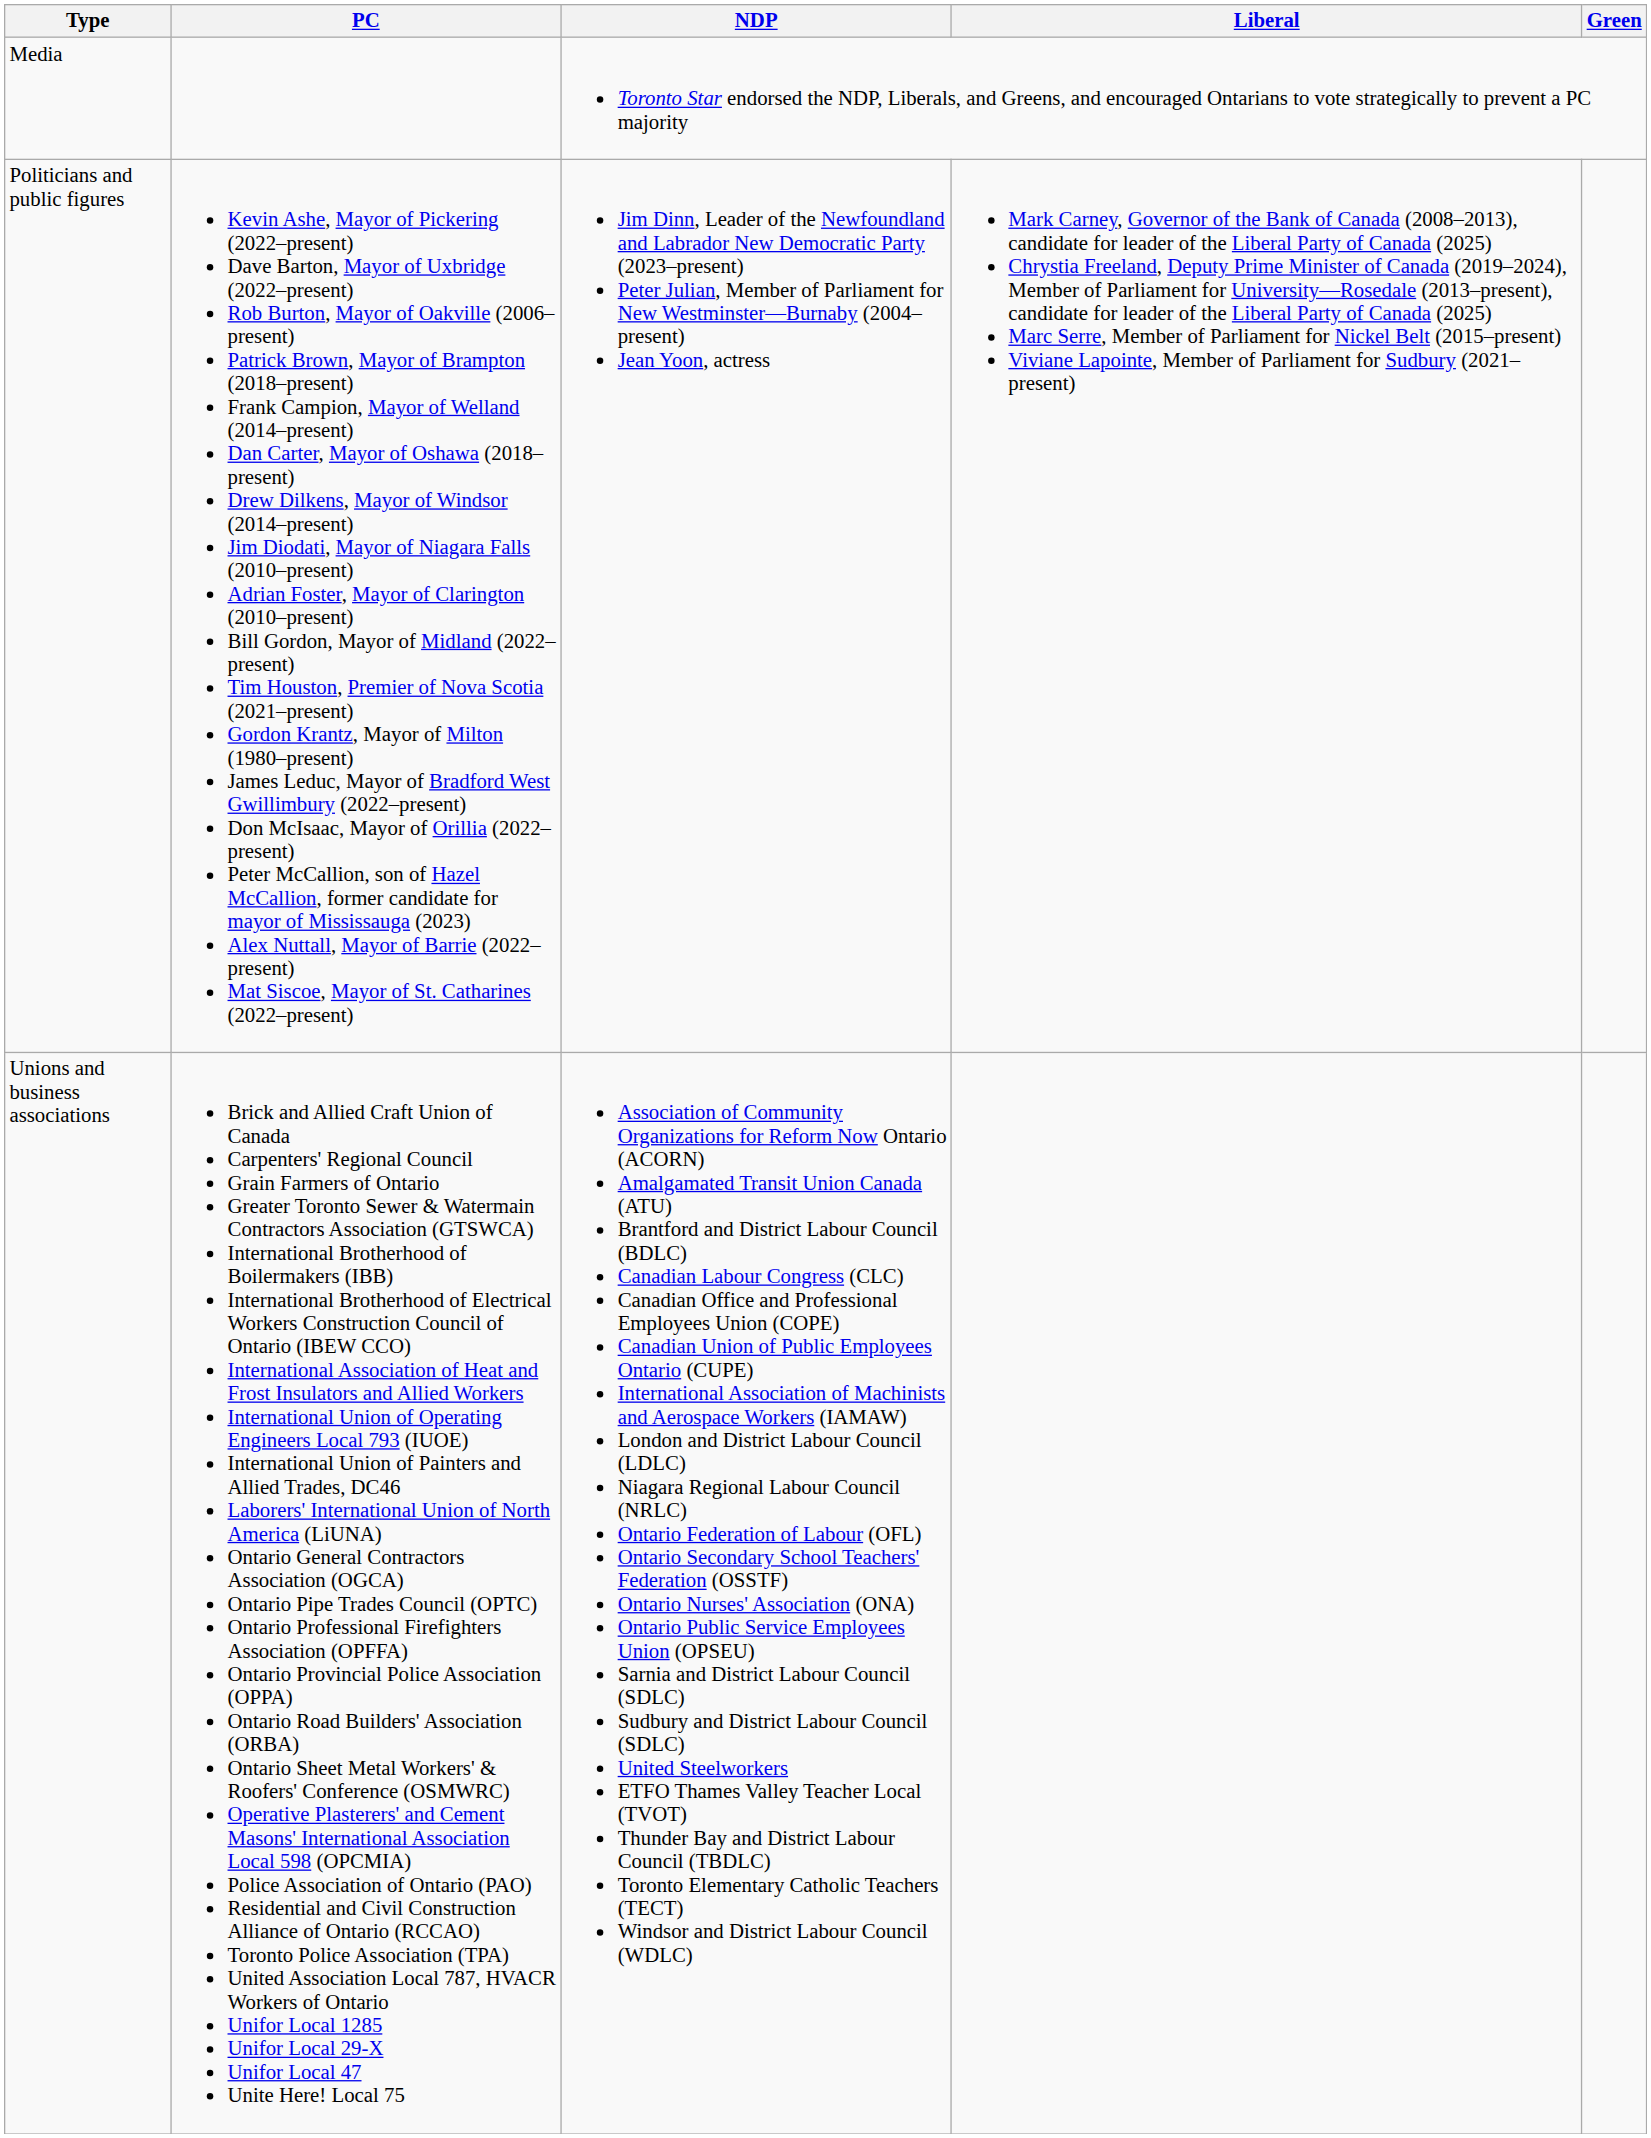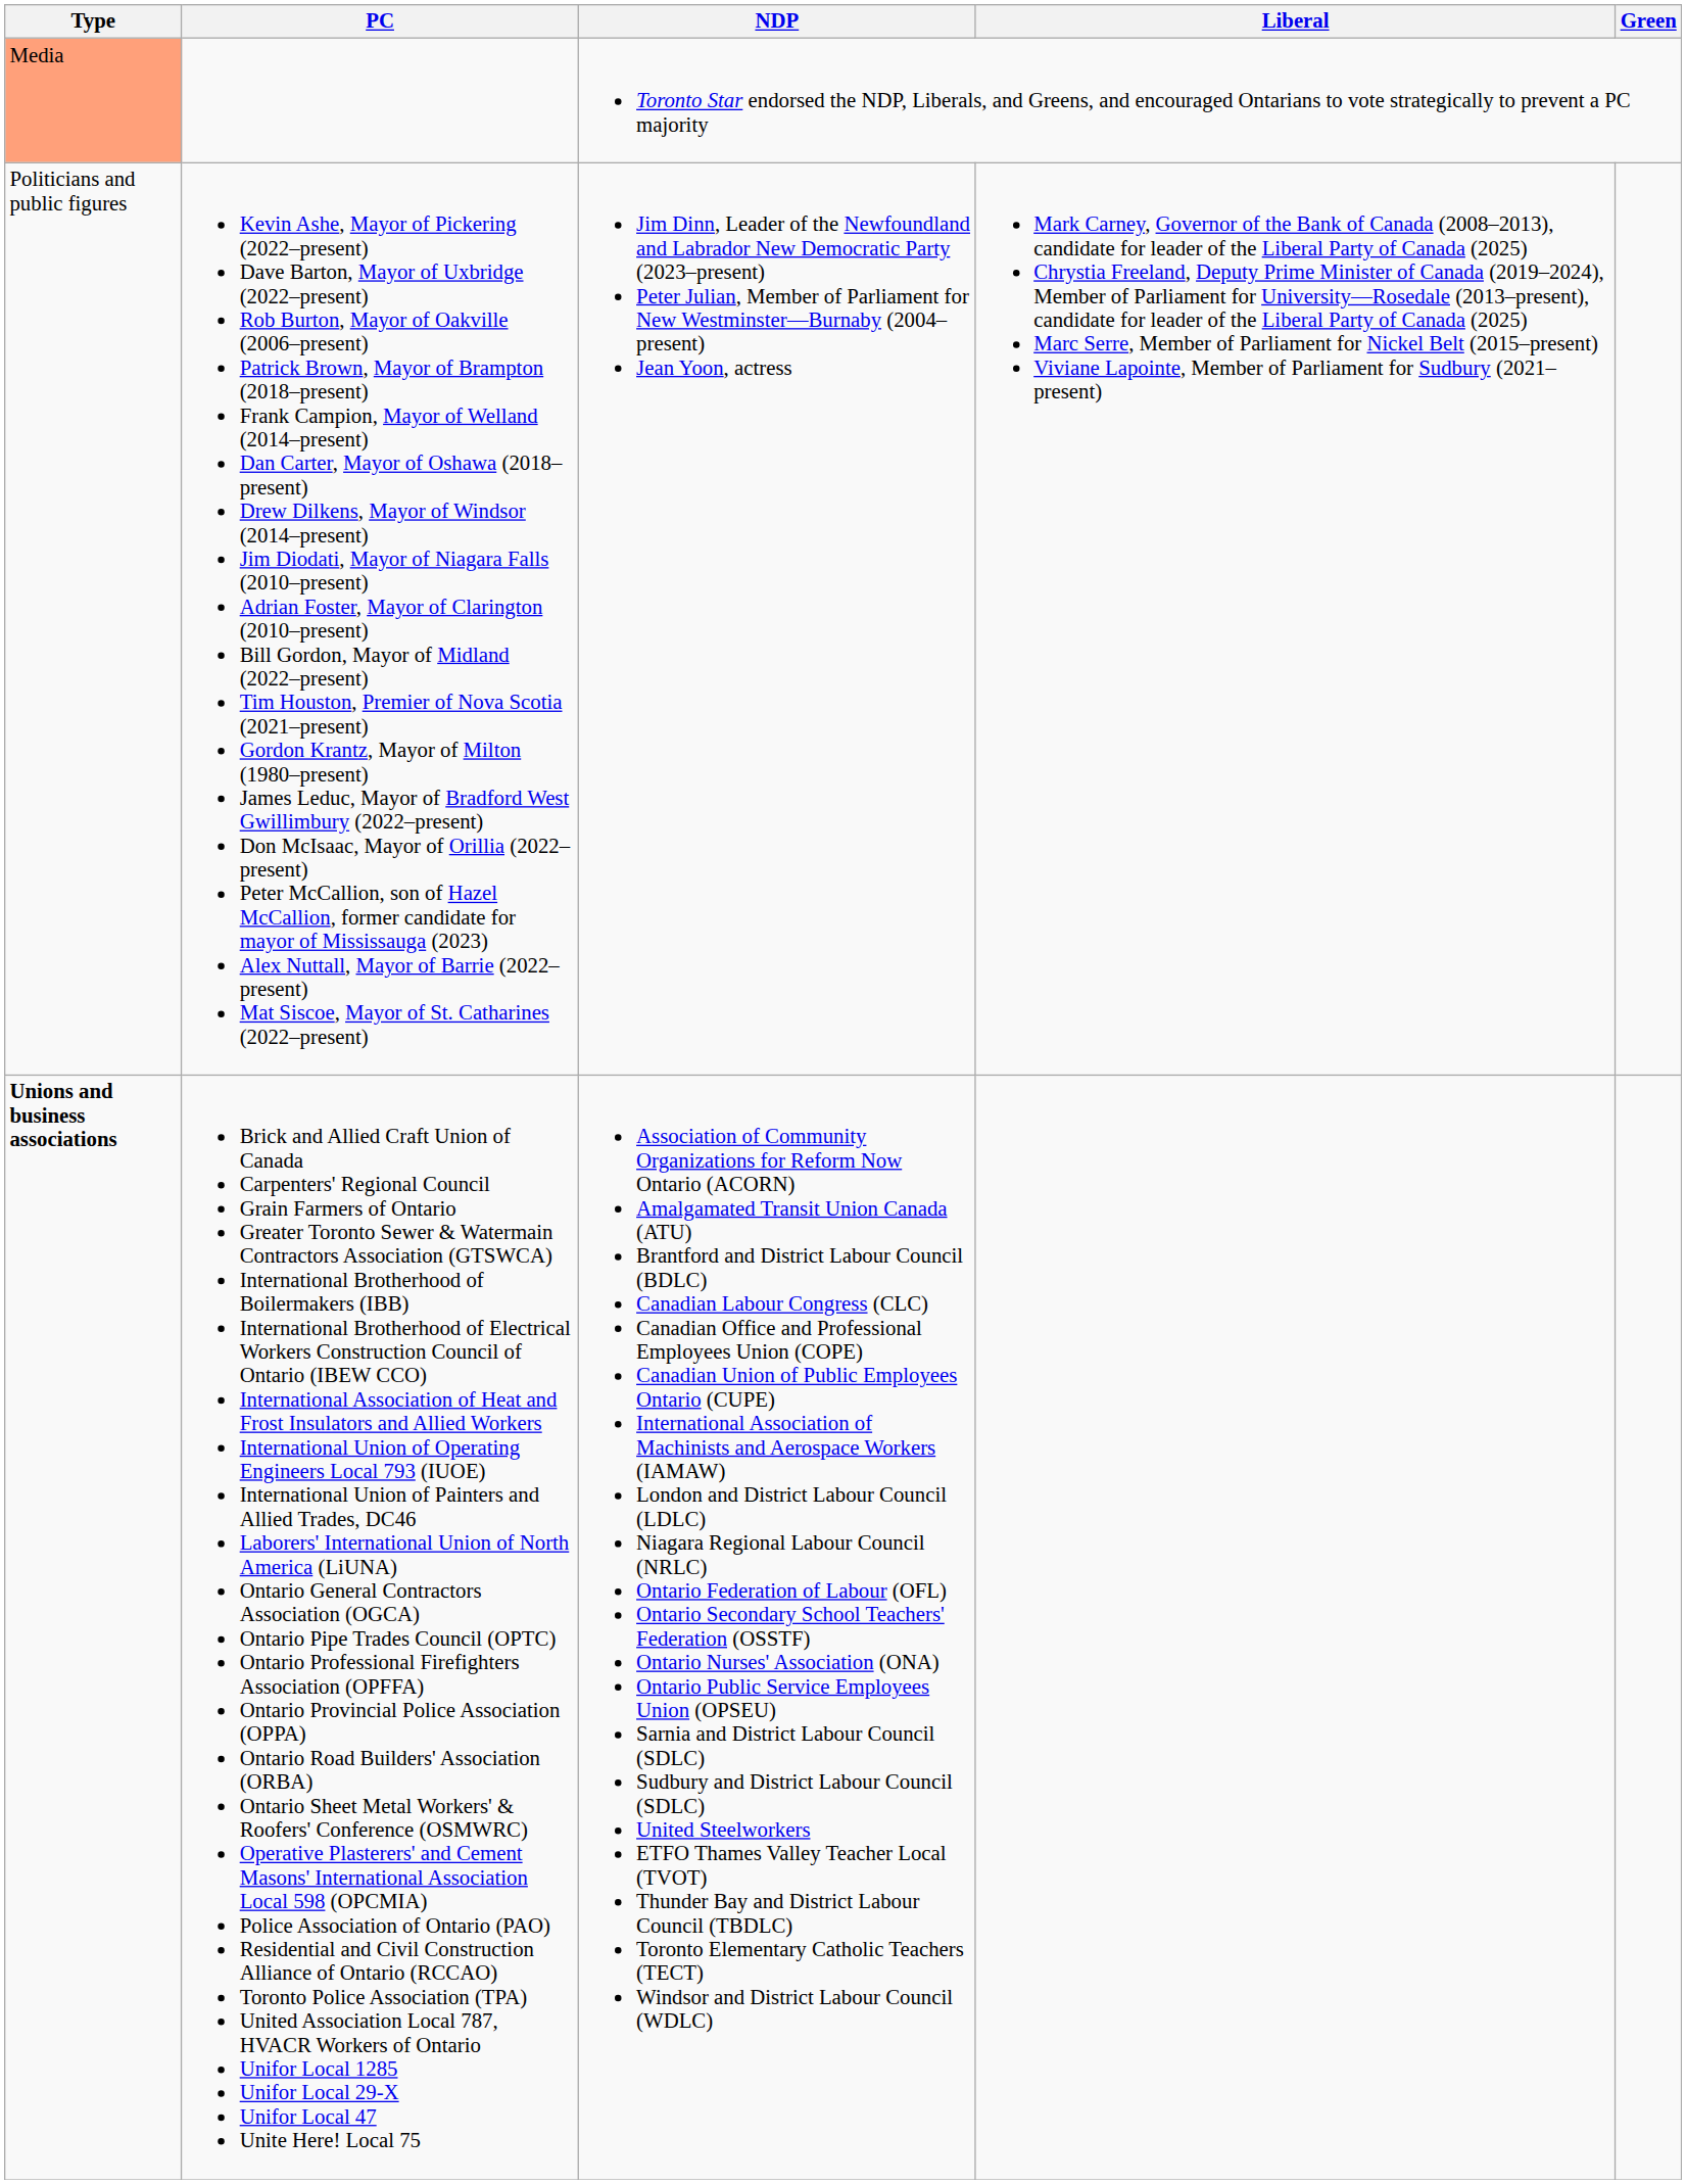 <table class="wikitable mw-collapsible mw-collapsed" style="width:100%;">
 <tr>
 <th>Type</th>
 <th><a href='#'>PC</a></th>
 <th><a href='#'>NDP</a></th>
 <th><a href='#'>Liberal</a></th>
 <th><a href='#'>Green</a></th>
 </tr>
 <tr style="vertical-align: top;">
-<td>Media</td>
+<td style="background: lightsalmon;">Media</td>
 <td></td>
 <td colspan="3"><br><ul><li><em><a href='#'>Toronto Star</a></em> endorsed the NDP, Liberals, and Greens, and encouraged Ontarians to vote strategically to prevent a PC majority</li></ul></td>
 </tr>
 <tr style="vertical-align: top;">
 <td>Politicians and public figures</td>
 <td><br><ul><li><a href='#'>Kevin Ashe</a>, <a href='#'>Mayor of Pickering</a> (2022–present)</li><li>Dave Barton, <a href='#'>Mayor of Uxbridge</a> (2022–present)</li><li><a href='#'>Rob Burton</a>, <a href='#'>Mayor of Oakville</a> (2006–present)</li><li><a href='#'>Patrick Brown</a>, <a href='#'>Mayor of Brampton</a> (2018–present)</li><li>Frank Campion, <a href='#'>Mayor of Welland</a> (2014–present)</li><li><a href='#'>Dan Carter</a>, <a href='#'>Mayor of Oshawa</a> (2018–present)</li><li><a href='#'>Drew Dilkens</a>, <a href='#'>Mayor of Windsor</a> (2014–present)</li><li><a href='#'>Jim Diodati</a>, <a href='#'>Mayor of Niagara Falls</a> (2010–present)</li><li><a href='#'>Adrian Foster</a>, <a href='#'>Mayor of Clarington</a> (2010–present)</li><li>Bill Gordon, Mayor of <a href='#'>Midland</a> (2022–present)</li><li><a href='#'>Tim Houston</a>, <a href='#'>Premier of Nova Scotia</a> (2021–present)</li><li><a href='#'>Gordon Krantz</a>, Mayor of <a href='#'>Milton</a> (1980–present)</li><li>James Leduc, Mayor of <a href='#'>Bradford West Gwillimbury</a> (2022–present)</li><li>Don McIsaac, Mayor of <a href='#'>Orillia</a> (2022–present)</li><li>Peter McCallion, son of <a href='#'>Hazel McCallion</a>, former candidate for <a href='#'>mayor of Mississauga</a> (2023)</li><li><a href='#'>Alex Nuttall</a>, <a href='#'>Mayor of Barrie</a> (2022–present)</li><li><a href='#'>Mat Siscoe</a>, <a href='#'>Mayor of St. Catharines</a> (2022–present)</li></ul></td>
 <td><br><ul><li><a href='#'>Jim Dinn</a>, Leader of the <a href='#'>Newfoundland and Labrador New Democratic Party</a> (2023–present)</li><li><a href='#'>Peter Julian</a>, Member of Parliament for <a href='#'>New Westminster—Burnaby</a> (2004–present)</li><li><a href='#'>Jean Yoon</a>, actress</li></ul></td>
 <td><br><ul><li><a href='#'>Mark Carney</a>, <a href='#'>Governor of the Bank of Canada</a> (2008–2013), candidate for leader of the <a href='#'>Liberal Party of Canada</a> (2025)</li><li><a href='#'>Chrystia Freeland</a>, <a href='#'>Deputy Prime Minister of Canada</a> (2019–2024), Member of Parliament for <a href='#'>University—Rosedale</a> (2013–present), candidate for leader of the <a href='#'>Liberal Party of Canada</a> (2025)</li><li><a href='#'>Marc Serre</a>, Member of Parliament for <a href='#'>Nickel Belt</a> (2015–present)</li><li><a href='#'>Viviane Lapointe</a>, Member of Parliament for <a href='#'>Sudbury</a> (2021–present)</li></ul></td>
 <td></td>
 </tr>
 <tr style="vertical-align: top;">
-<td>Unions and business associations</td>
+<td><strong>Unions and business associations</strong></td>
 <td><br><ul><li>Brick and Allied Craft Union of Canada</li><li>Carpenters' Regional Council</li><li>Grain Farmers of Ontario</li><li>Greater Toronto Sewer & Watermain Contractors Association (GTSWCA)</li><li>International Brotherhood of Boilermakers (IBB)</li><li>International Brotherhood of Electrical Workers Construction Council of Ontario (IBEW CCO)</li><li><a href='#'>International Association of Heat and Frost Insulators and Allied Workers</a></li><li><a href='#'>International Union of Operating Engineers Local 793</a> (IUOE)</li><li>International Union of Painters and Allied Trades, DC46</li><li><a href='#'>Laborers' International Union of North America</a> (LiUNA)</li><li>Ontario General Contractors Association (OGCA)</li><li>Ontario Pipe Trades Council (OPTC)</li><li>Ontario Professional Firefighters Association (OPFFA)</li><li>Ontario Provincial Police Association (OPPA)</li><li>Ontario Road Builders' Association (ORBA)</li><li>Ontario Sheet Metal Workers' & Roofers' Conference (OSMWRC)</li><li><a href='#'>Operative Plasterers' and Cement Masons' International Association Local 598</a> (OPCMIA)</li><li>Police Association of Ontario (PAO)</li><li>Residential and Civil Construction Alliance of Ontario (RCCAO)</li><li>Toronto Police Association (TPA)</li><li>United Association Local 787, HVACR Workers of Ontario</li><li><a href='#'>Unifor Local 1285</a></li><li><a href='#'>Unifor Local 29-X</a></li><li><a href='#'>Unifor Local 47</a></li><li>Unite Here! Local 75</li></ul></td>
 <td><br><ul><li><a href='#'>Association of Community Organizations for Reform Now</a> Ontario (ACORN)</li><li><a href='#'>Amalgamated Transit Union Canada</a> (ATU)</li><li>Brantford and District Labour Council (BDLC)</li><li><a href='#'>Canadian Labour Congress</a> (CLC)</li><li>Canadian Office and Professional Employees Union (COPE)</li><li><a href='#'>Canadian Union of Public Employees Ontario</a> (CUPE)</li><li><a href='#'>International Association of Machinists and Aerospace Workers</a> (IAMAW)</li><li>London and District Labour Council (LDLC)</li><li>Niagara Regional Labour Council (NRLC)</li><li><a href='#'>Ontario Federation of Labour</a> (OFL)</li><li><a href='#'>Ontario Secondary School Teachers' Federation</a> (OSSTF)</li><li><a href='#'>Ontario Nurses' Association</a> (ONA)</li><li><a href='#'>Ontario Public Service Employees Union</a> (OPSEU)</li><li>Sarnia and District Labour Council (SDLC)</li><li>Sudbury and District Labour Council (SDLC)</li><li><a href='#'>United Steelworkers</a></li><li>ETFO Thames Valley Teacher Local (TVOT)</li><li>Thunder Bay and District Labour Council (TBDLC)</li><li>Toronto Elementary Catholic Teachers (TECT)</li><li>Windsor and District Labour Council (WDLC)</li></ul></td>
 <td></td>
 <td></td>
 </tr>
 </table>
